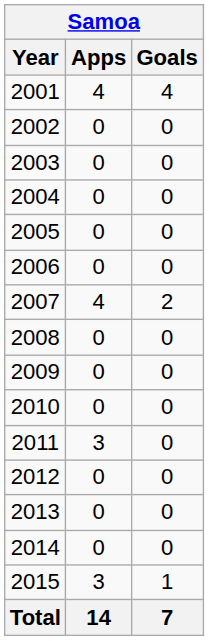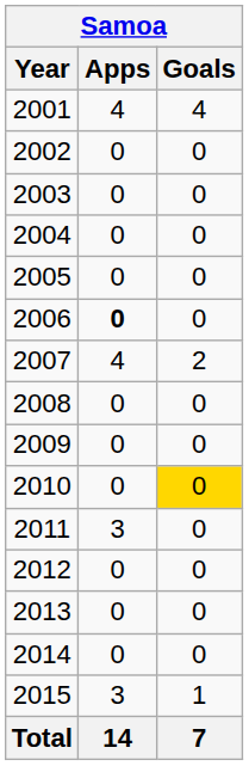 <table class="wikitable" style="text-align:center">
 <tr>
 <th colspan=3><a href='#'>Samoa</a></th>
 </tr>
 <tr>
 <th>Year</th>
 <th>Apps</th>
 <th>Goals</th>
 </tr>
 <tr>
 <td>2001</td>
 <td>4</td>
 <td>4</td>
 </tr>
 <tr>
 <td>2002</td>
 <td>0</td>
 <td>0</td>
 </tr>
 <tr>
 <td>2003</td>
 <td>0</td>
 <td>0</td>
 </tr>
 <tr>
 <td>2004</td>
 <td>0</td>
 <td>0</td>
 </tr>
 <tr>
 <td>2005</td>
 <td>0</td>
 <td>0</td>
 </tr>
 <tr>
 <td>2006</td>
-<td>0</td>
+<td><strong>0</strong></td>
 <td>0</td>
 </tr>
 <tr>
 <td>2007</td>
 <td>4</td>
 <td>2</td>
 </tr>
 <tr>
 <td>2008</td>
 <td>0</td>
 <td>0</td>
 </tr>
 <tr>
 <td>2009</td>
 <td>0</td>
 <td>0</td>
 </tr>
 <tr>
 <td>2010</td>
 <td>0</td>
-<td>0</td>
+<td style="background: gold;">0</td>
 </tr>
 <tr>
 <td>2011</td>
 <td>3</td>
 <td>0</td>
 </tr>
 <tr>
 <td>2012</td>
 <td>0</td>
 <td>0</td>
 </tr>
 <tr>
 <td>2013</td>
 <td>0</td>
 <td>0</td>
 </tr>
 <tr>
 <td>2014</td>
 <td>0</td>
 <td>0</td>
 </tr>
 <tr>
 <td>2015</td>
 <td>3</td>
 <td>1</td>
 </tr>
 <tr>
 <th>Total</th>
 <th>14</th>
 <th>7</th>
 </tr>
 </table>
